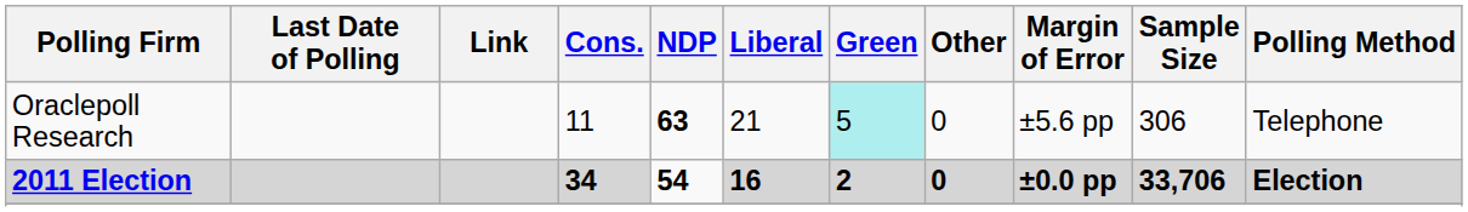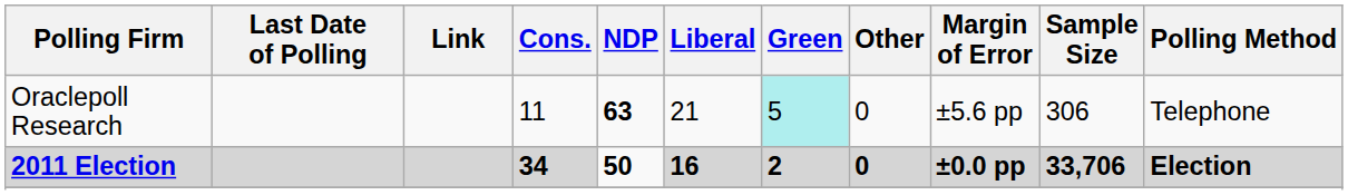 <table class="wikitable sortable">
 <tr style="background:#e9e9e9;">
 <th style="width:120px">Polling Firm</th>
 <th style="width:110px">Last Date<br>of Polling</th>
 <th style="width:60px" class="unsortable">Link</th>
 <th style="background-color:"><strong><a href='#'>Cons.</a></strong></th>
 <th style="background-color:"><strong><a href='#'>NDP</a></strong></th>
 <th style="background-color:"><strong><a href='#'>Liberal</a></strong></th>
 <th style="background-color:"><strong><a href='#'>Green</a></strong></th>
 <th style="background-color:"><strong>Other</strong></th>
 <th style="width:60px;" class=unsortable>Margin<br>of Error</th>
 <th style="width:50px;" class=unsortable>Sample<br>Size</th>
 <th class=unsortable>Polling Method</th>
 </tr>
 <tr>
 <td>Oraclepoll Research</td>
 <td></td>
 <td></td>
 <td>11</td>
 <td><strong>63</strong></td>
 <td>21</td>
 <td style="background: paleturquoise;">5</td>
 <td>0</td>
 <td>±5.6 pp</td>
 <td>306</td>
 <td>Telephone</td>
 </tr>
 <tr>
 <td style="background:#D5D5D5"><strong><a href='#'>2011 Election</a></strong></td>
 <td style="background:#D5D5D5"><strong></strong></td>
 <td style="background:#D5D5D5"></td>
 <td style="background:#D5D5D5"><strong>34</strong></td>
-<td><strong>54</strong></td>
+<td><strong>50</strong></td>
 <td style="background:#D5D5D5"><strong>16</strong></td>
 <td style="background:#D5D5D5"><strong>2</strong></td>
 <td style="background:#D5D5D5"><strong>0</strong></td>
 <td style="background:#D5D5D5"><strong>±0.0 pp</strong></td>
 <td style="background:#D5D5D5"><strong>33,706</strong></td>
 <td style="background:#D5D5D5"><strong>Election</strong></td>
 </tr>
 <tr>
 </tr>
 <tr>
 </tr>
 </table>
